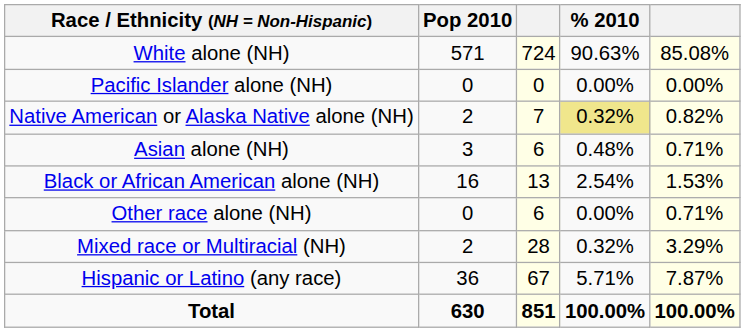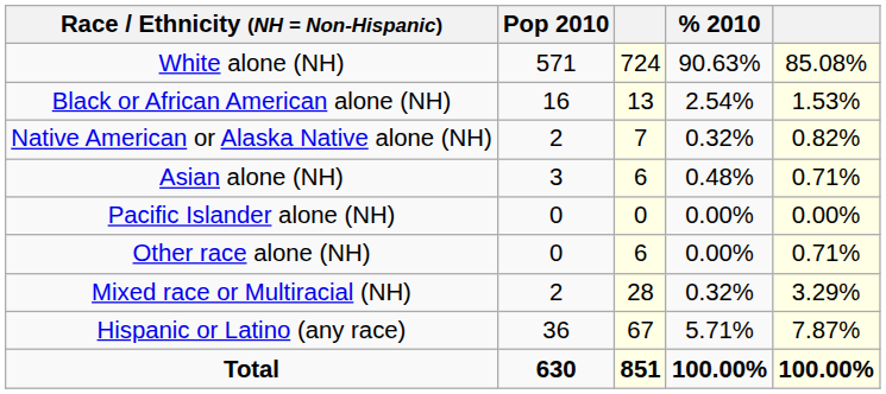 <table class="wikitable" style="text-align:center;">
 <tr>
 <th>Race / Ethnicity <small>(<em>NH = Non-Hispanic</em>)</small></th>
 <th>Pop 2010</th>
 <th></th>
 <th>% 2010</th>
 <th></th>
 </tr>
 <tr>
 <td><a href='#'>White</a> alone (NH)</td>
 <td>571</td>
 <td style='background: #ffffe6;'>724</td>
 <td>90.63%</td>
 <td style='background: #ffffe6;'>85.08%</td>
 </tr>
 <tr>
-<td><a href='#'>Pacific Islander</a> alone (NH)</td>
-<td>0</td>
-<td style='background: #ffffe6;'>0</td>
-<td>0.00%</td>
-<td style='background: #ffffe6;'>0.00%</td>
+<td><a href='#'>Black or African American</a> alone (NH)</td>
+<td>16</td>
+<td style='background: #ffffe6;'>13</td>
+<td>2.54%</td>
+<td style='background: #ffffe6;'>1.53%</td>
 </tr>
 <tr>
 <td><a href='#'>Native American</a> or <a href='#'>Alaska Native</a> alone (NH)</td>
 <td>2</td>
 <td style='background: #ffffe6;'>7</td>
-<td style="background: khaki;">0.32%</td>
+<td>0.32%</td>
 <td style='background: #ffffe6;'>0.82%</td>
 </tr>
 <tr>
 <td><a href='#'>Asian</a> alone (NH)</td>
 <td>3</td>
 <td style='background: #ffffe6;'>6</td>
 <td>0.48%</td>
 <td style='background: #ffffe6;'>0.71%</td>
 </tr>
 <tr>
-<td><a href='#'>Black or African American</a> alone (NH)</td>
-<td>16</td>
-<td style='background: #ffffe6;'>13</td>
-<td>2.54%</td>
-<td style='background: #ffffe6;'>1.53%</td>
+<td><a href='#'>Pacific Islander</a> alone (NH)</td>
+<td>0</td>
+<td style='background: #ffffe6;'>0</td>
+<td>0.00%</td>
+<td style='background: #ffffe6;'>0.00%</td>
 </tr>
 <tr>
 <td><a href='#'>Other race</a> alone (NH)</td>
 <td>0</td>
 <td style='background: #ffffe6;'>6</td>
 <td>0.00%</td>
 <td style='background: #ffffe6;'>0.71%</td>
 </tr>
 <tr>
 <td><a href='#'>Mixed race or Multiracial</a> (NH)</td>
 <td>2</td>
 <td style='background: #ffffe6;'>28</td>
 <td>0.32%</td>
 <td style='background: #ffffe6;'>3.29%</td>
 </tr>
 <tr>
 <td><a href='#'>Hispanic or Latino</a> (any race)</td>
 <td>36</td>
 <td style='background: #ffffe6;'>67</td>
 <td>5.71%</td>
 <td style='background: #ffffe6;'>7.87%</td>
 </tr>
 <tr>
 <td><strong>Total</strong></td>
 <td><strong>630</strong></td>
 <td style='background: #ffffe6;'><strong>851</strong></td>
 <td><strong>100.00%</strong></td>
 <td style='background: #ffffe6;'><strong>100.00%</strong></td>
 </tr>
 </table>
